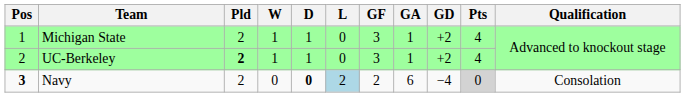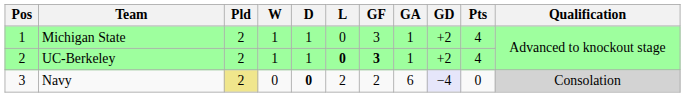 <table class="wikitable" style="text-align:center; margin: 1em auto">
 <tr>
 <th style="width:2em">Pos</th>
 <th style="width:13em">Team</th>
 <th style="width:2em">Pld</th>
 <th style="width:2em">W</th>
 <th style="width:2em">D</th>
 <th style="width:2em">L</th>
 <th style="width:2em">GF</th>
 <th style="width:2em">GA</th>
 <th style="width:2em">GD</th>
 <th style="width:2em">Pts</th>
 <th style="width:13em">Qualification</th>
 </tr>
 <tr bgcolor="#9eff9e">
 <td>1</td>
 <td style="text-align:left">Michigan State</td>
 <td>2</td>
 <td>1</td>
 <td>1</td>
 <td>0</td>
 <td>3</td>
 <td>1</td>
 <td>+2</td>
 <td>4</td>
 <td rowspan="2">Advanced to knockout stage</td>
 </tr>
 <tr bgcolor="#9eff9e">
 <td>2</td>
 <td style="text-align:left">UC-Berkeley</td>
-<td><strong>2</strong></td>
+<td>2</td>
 <td>1</td>
 <td>1</td>
-<td>0</td>
-<td>3</td>
+<td><strong>0</strong></td>
+<td><strong>3</strong></td>
 <td>1</td>
 <td>+2</td>
 <td>4</td>
 </tr>
 <tr>
-<td><strong>3</strong></td>
+<td>3</td>
 <td style="text-align:left">Navy</td>
-<td>2</td>
+<td style="background: khaki;">2</td>
 <td>0</td>
 <td><strong>0</strong></td>
-<td style="background: lightblue;">2</td>
+<td>2</td>
 <td>2</td>
 <td>6</td>
-<td>−4</td>
-<td style="background: lightgrey;">0</td>
-<td>Consolation</td>
+<td style="background: lavender;">−4</td>
+<td>0</td>
+<td style="background: lightgrey;">Consolation</td>
 </tr>
 </table>
